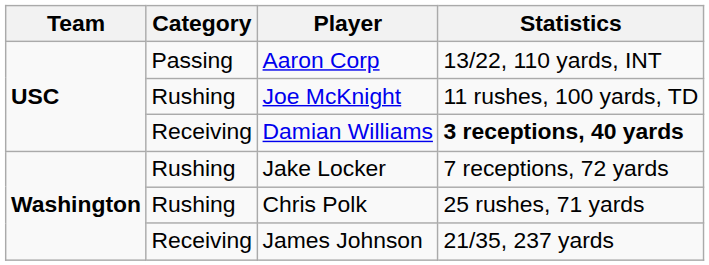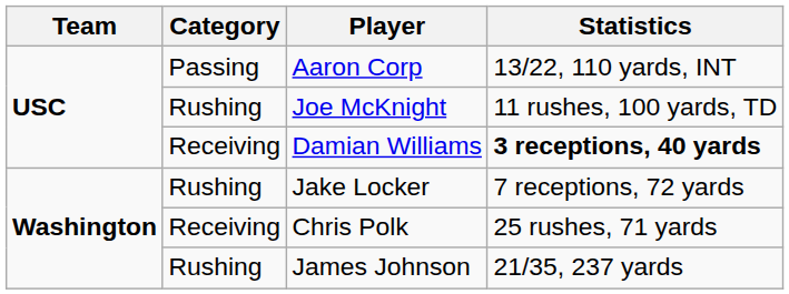 <table class="wikitable" style="float: right;">
 <tr>
 <th>Team</th>
 <th>Category</th>
 <th>Player</th>
 <th>Statistics</th>
 </tr>
 <tr>
 <td rowspan=3><strong>USC</strong></td>
 <td>Passing</td>
 <td><a href='#'>Aaron Corp</a></td>
 <td>13/22, 110 yards, INT</td>
 </tr>
 <tr>
 <td>Rushing</td>
 <td><a href='#'>Joe McKnight</a></td>
 <td>11 rushes, 100 yards, TD</td>
 </tr>
 <tr>
 <td>Receiving</td>
 <td><a href='#'>Damian Williams</a></td>
 <td><strong>3 receptions, 40 yards</strong></td>
 </tr>
 <tr>
 <td rowspan=3><strong>Washington</strong></td>
 <td>Rushing</td>
 <td>Jake Locker</td>
 <td>7 receptions, 72 yards</td>
 </tr>
 <tr>
-<td>Rushing</td>
+<td>Receiving</td>
 <td>Chris Polk</td>
 <td>25 rushes, 71 yards</td>
 </tr>
 <tr>
-<td>Receiving</td>
+<td>Rushing</td>
 <td>James Johnson</td>
 <td>21/35, 237 yards</td>
 </tr>
 </table>
